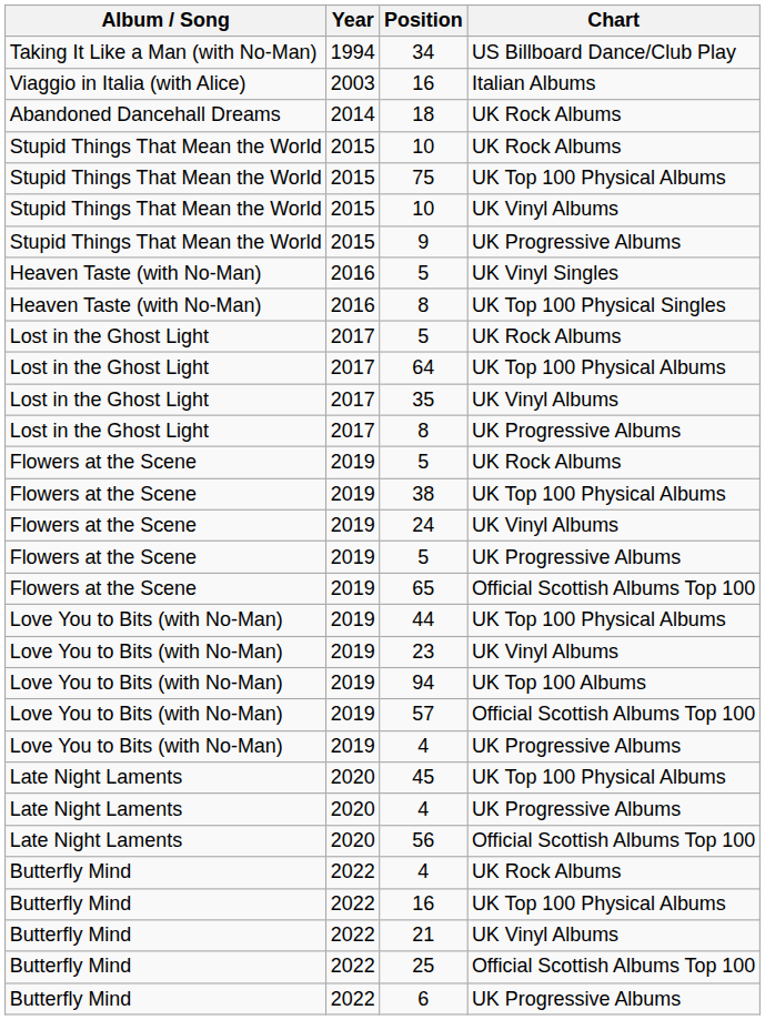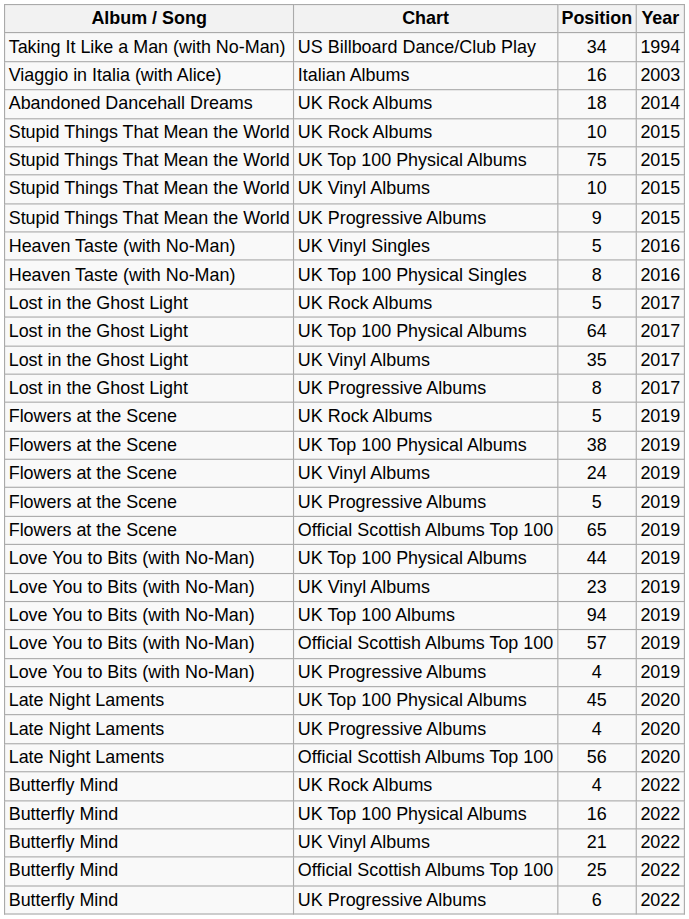 <table class="wikitable">
 <tr>
 <th>Album / Song</th>
+<th>Chart</th>
+<th>Position</th>
 <th>Year</th>
-<th>Position</th>
-<th>Chart</th>
 </tr>
 <tr>
 <td>Taking It Like a Man (with No-Man)</td>
+<td>US Billboard Dance/Club Play</td>
+<td style="text-align:center;">34</td>
 <td>1994</td>
-<td style="text-align:center;">34</td>
-<td>US Billboard Dance/Club Play</td>
 </tr>
 <tr>
 <td>Viaggio in Italia (with Alice)</td>
+<td>Italian Albums</td>
+<td style="text-align:center;">16</td>
 <td>2003</td>
-<td style="text-align:center;">16</td>
-<td>Italian Albums</td>
 </tr>
 <tr>
 <td>Abandoned Dancehall Dreams</td>
+<td>UK Rock Albums</td>
+<td style="text-align:center;">18</td>
 <td>2014</td>
-<td style="text-align:center;">18</td>
-<td>UK Rock Albums</td>
 </tr>
 <tr>
 <td>Stupid Things That Mean the World</td>
+<td>UK Rock Albums</td>
+<td style="text-align:center;">10</td>
 <td>2015</td>
-<td style="text-align:center;">10</td>
-<td>UK Rock Albums</td>
 </tr>
 <tr>
 <td>Stupid Things That Mean the World</td>
+<td>UK Top 100 Physical Albums</td>
+<td style="text-align:center;">75</td>
 <td>2015</td>
-<td style="text-align:center;">75</td>
-<td>UK Top 100 Physical Albums</td>
 </tr>
 <tr>
 <td>Stupid Things That Mean the World</td>
+<td>UK Vinyl Albums</td>
+<td style="text-align:center;">10</td>
 <td>2015</td>
-<td style="text-align:center;">10</td>
-<td>UK Vinyl Albums</td>
 </tr>
 <tr>
 <td>Stupid Things That Mean the World</td>
+<td>UK Progressive Albums</td>
+<td style="text-align:center;">9</td>
 <td>2015</td>
-<td style="text-align:center;">9</td>
-<td>UK Progressive Albums</td>
 </tr>
 <tr>
 <td>Heaven Taste (with No-Man)</td>
+<td>UK Vinyl Singles</td>
+<td style="text-align:center;">5</td>
 <td>2016</td>
-<td style="text-align:center;">5</td>
-<td>UK Vinyl Singles</td>
 </tr>
 <tr>
 <td>Heaven Taste (with No-Man)</td>
+<td>UK Top 100 Physical Singles</td>
+<td style="text-align:center;">8</td>
 <td>2016</td>
-<td style="text-align:center;">8</td>
-<td>UK Top 100 Physical Singles</td>
 </tr>
 <tr>
 <td>Lost in the Ghost Light</td>
+<td>UK Rock Albums</td>
+<td style="text-align:center;">5</td>
 <td>2017</td>
-<td style="text-align:center;">5</td>
-<td>UK Rock Albums</td>
 </tr>
 <tr>
 <td>Lost in the Ghost Light</td>
+<td>UK Top 100 Physical Albums</td>
+<td style="text-align:center;">64</td>
 <td>2017</td>
-<td style="text-align:center;">64</td>
-<td>UK Top 100 Physical Albums</td>
 </tr>
 <tr>
 <td>Lost in the Ghost Light</td>
+<td>UK Vinyl Albums</td>
+<td style="text-align:center;">35</td>
 <td>2017</td>
-<td style="text-align:center;">35</td>
-<td>UK Vinyl Albums</td>
 </tr>
 <tr>
 <td>Lost in the Ghost Light</td>
+<td>UK Progressive Albums</td>
+<td style="text-align:center;">8</td>
 <td>2017</td>
-<td style="text-align:center;">8</td>
-<td>UK Progressive Albums</td>
 </tr>
 <tr>
 <td>Flowers at the Scene</td>
+<td>UK Rock Albums</td>
+<td style="text-align:center;">5</td>
 <td>2019</td>
-<td style="text-align:center;">5</td>
-<td>UK Rock Albums</td>
 </tr>
 <tr>
 <td>Flowers at the Scene</td>
+<td>UK Top 100 Physical Albums</td>
+<td style="text-align:center;">38</td>
 <td>2019</td>
-<td style="text-align:center;">38</td>
-<td>UK Top 100 Physical Albums</td>
 </tr>
 <tr>
 <td>Flowers at the Scene</td>
+<td>UK Vinyl Albums</td>
+<td style="text-align:center;">24</td>
 <td>2019</td>
-<td style="text-align:center;">24</td>
-<td>UK Vinyl Albums</td>
 </tr>
 <tr>
 <td>Flowers at the Scene</td>
+<td>UK Progressive Albums</td>
+<td style="text-align:center;">5</td>
 <td>2019</td>
-<td style="text-align:center;">5</td>
-<td>UK Progressive Albums</td>
 </tr>
 <tr>
 <td>Flowers at the Scene</td>
+<td>Official Scottish Albums Top 100</td>
+<td style="text-align:center;">65</td>
 <td>2019</td>
-<td style="text-align:center;">65</td>
-<td>Official Scottish Albums Top 100</td>
 </tr>
 <tr>
 <td>Love You to Bits (with No-Man)</td>
+<td>UK Top 100 Physical Albums</td>
+<td style="text-align:center;">44</td>
 <td>2019</td>
-<td style="text-align:center;">44</td>
-<td>UK Top 100 Physical Albums</td>
 </tr>
 <tr>
 <td>Love You to Bits (with No-Man)</td>
+<td>UK Vinyl Albums</td>
+<td style="text-align:center;">23</td>
 <td>2019</td>
-<td style="text-align:center;">23</td>
-<td>UK Vinyl Albums</td>
 </tr>
 <tr>
 <td>Love You to Bits (with No-Man)</td>
+<td>UK Top 100 Albums</td>
+<td style="text-align:center;">94</td>
 <td>2019</td>
-<td style="text-align:center;">94</td>
-<td>UK Top 100 Albums</td>
 </tr>
 <tr>
 <td>Love You to Bits (with No-Man)</td>
+<td>Official Scottish Albums Top 100</td>
+<td style="text-align:center;">57</td>
 <td>2019</td>
-<td style="text-align:center;">57</td>
-<td>Official Scottish Albums Top 100</td>
 </tr>
 <tr>
 <td>Love You to Bits (with No-Man)</td>
+<td>UK Progressive Albums</td>
+<td style="text-align:center;">4</td>
 <td>2019</td>
-<td style="text-align:center;">4</td>
-<td>UK Progressive Albums</td>
 </tr>
 <tr>
 <td>Late Night Laments</td>
+<td>UK Top 100 Physical Albums</td>
+<td style="text-align:center;">45</td>
 <td>2020</td>
-<td style="text-align:center;">45</td>
-<td>UK Top 100 Physical Albums</td>
 </tr>
 <tr>
 <td>Late Night Laments</td>
+<td>UK Progressive Albums</td>
+<td style="text-align:center;">4</td>
 <td>2020</td>
-<td style="text-align:center;">4</td>
-<td>UK Progressive Albums</td>
 </tr>
 <tr>
 <td>Late Night Laments</td>
+<td>Official Scottish Albums Top 100</td>
+<td style="text-align:center;">56</td>
 <td>2020</td>
-<td style="text-align:center;">56</td>
-<td>Official Scottish Albums Top 100</td>
 </tr>
 <tr>
 <td>Butterfly Mind</td>
+<td>UK Rock Albums</td>
+<td style="text-align:center;”">4</td>
 <td>2022</td>
-<td style="text-align:center;”">4</td>
-<td>UK Rock Albums</td>
 </tr>
 <tr>
 <td>Butterfly Mind</td>
+<td>UK Top 100 Physical Albums</td>
+<td style="text-align:center;”">16</td>
 <td>2022</td>
-<td style="text-align:center;”">16</td>
-<td>UK Top 100 Physical Albums</td>
 </tr>
 <tr>
 <td>Butterfly Mind</td>
+<td>UK Vinyl Albums</td>
+<td style="text-align:center;”">21</td>
 <td>2022</td>
-<td style="text-align:center;”">21</td>
-<td>UK Vinyl Albums</td>
 </tr>
 <tr>
 <td>Butterfly Mind</td>
+<td>Official Scottish Albums Top 100</td>
+<td style="text-align:center;”">25</td>
 <td>2022</td>
-<td style="text-align:center;”">25</td>
-<td>Official Scottish Albums Top 100</td>
 </tr>
 <tr>
 <td>Butterfly Mind</td>
+<td>UK Progressive Albums</td>
+<td style="text-align:center;”">6</td>
 <td>2022</td>
-<td style="text-align:center;”">6</td>
-<td>UK Progressive Albums</td>
 </tr>
 </table>
